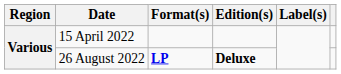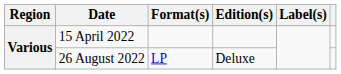 <table class="wikitable plainrowheaders">
 <tr>
 <th scope="col">Region</th>
 <th scope="col">Date</th>
 <th scope="col">Format(s)</th>
 <th scope="col">Edition(s)</th>
 <th scope="col">Label(s)</th>
 <th scope="col"></th>
 </tr>
 <tr>
 <th scope="row" rowspan="2">Various</th>
 <td>15 April 2022</td>
 <td></td>
 <td></td>
 <td rowspan="2"></td>
 <td></td>
 </tr>
 <tr>
 <td>26 August 2022</td>
-<td><strong><a href='#'>LP</a></strong></td>
-<td><strong>Deluxe</strong></td>
+<td><a href='#'>LP</a></td>
+<td>Deluxe</td>
 <td></td>
 </tr>
 </table>
